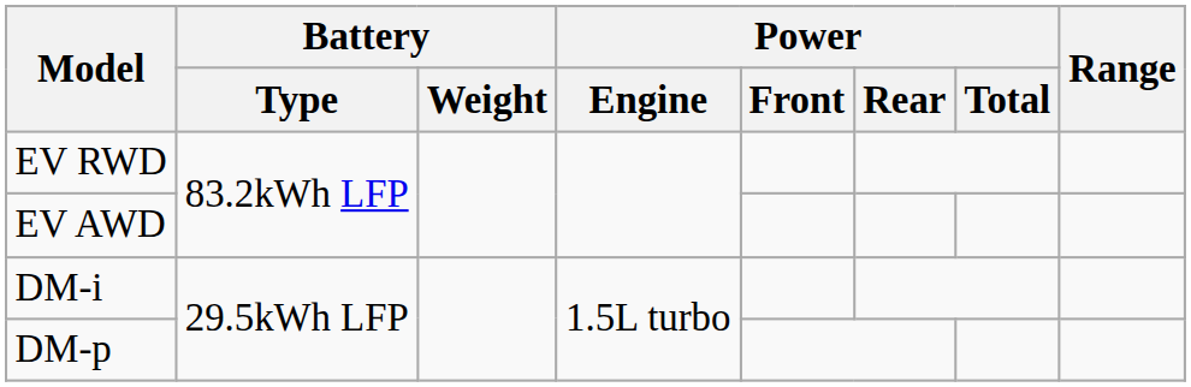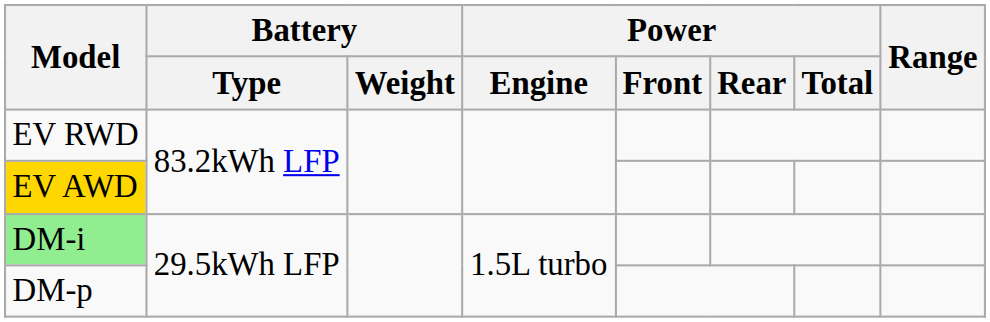 <table class="wikitable">
 <tr>
 <th rowspan="2">Model</th>
 <th colspan="2">Battery</th>
 <th colspan="4">Power</th>
 <th rowspan="2">Range</th>
 </tr>
 <tr>
 <th>Type</th>
 <th>Weight</th>
 <th>Engine</th>
 <th>Front</th>
 <th>Rear</th>
 <th>Total</th>
 </tr>
 <tr>
 <td>EV RWD</td>
 <td rowspan="2">83.2kWh <a href='#'>LFP</a></td>
 <td rowspan="2"></td>
 <td rowspan="2"></td>
 <td></td>
 <td colspan="2"></td>
 <td></td>
 </tr>
 <tr>
-<td>EV AWD</td>
+<td style="background: gold;">EV AWD</td>
 <td></td>
 <td></td>
 <td></td>
 <td></td>
 </tr>
 <tr>
-<td>DM-i</td>
+<td style="background: lightgreen;">DM-i</td>
 <td rowspan="2">29.5kWh LFP</td>
 <td rowspan="2"></td>
 <td rowspan="2">1.5L turbo<br></td>
 <td></td>
 <td colspan="2"></td>
 <td></td>
 </tr>
 <tr>
 <td>DM-p</td>
 <td colspan="2"></td>
 <td></td>
 <td></td>
 </tr>
 </table>
